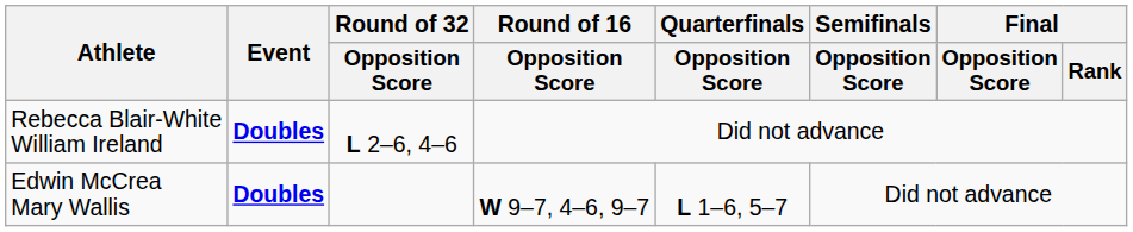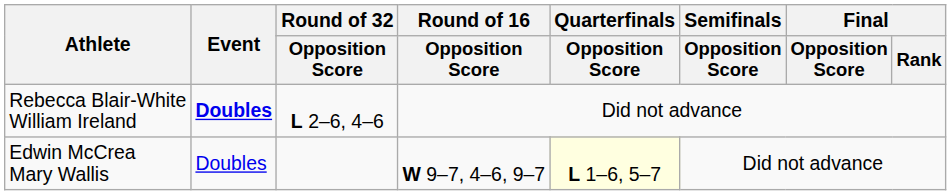 <table class=wikitable style="font-size:90%">
 <tr>
 <th rowspan=2>Athlete</th>
 <th rowspan=2>Event</th>
 <th>Round of 32</th>
 <th>Round of 16</th>
 <th>Quarterfinals</th>
 <th>Semifinals</th>
 <th colspan=2>Final</th>
 </tr>
 <tr style="font-size:95%">
 <th>Opposition<br>Score</th>
 <th>Opposition<br>Score</th>
 <th>Opposition<br>Score</th>
 <th>Opposition<br>Score</th>
 <th>Opposition<br>Score</th>
 <th>Rank</th>
 </tr>
 <tr align=center>
 <td align=left>Rebecca Blair-White <br> William Ireland</td>
 <td align=left><strong><a href='#'>Doubles</a></strong></td>
 <td> <br> <strong>L</strong> 2–6, 4–6</td>
 <td colspan=5>Did not advance</td>
 </tr>
 <tr align=center>
 <td align=left>Edwin McCrea <br> Mary Wallis</td>
-<td align=left><strong><a href='#'>Doubles</a></strong></td>
+<td align=left><a href='#'>Doubles</a></td>
 <td></td>
 <td> <br> <strong>W</strong> 9–7, 4–6, 9–7</td>
-<td> <br> <strong>L</strong> 1–6, 5–7</td>
+<td style="background: lightyellow;"> <br> <strong>L</strong> 1–6, 5–7</td>
 <td colspan=3>Did not advance</td>
 </tr>
 </table>
